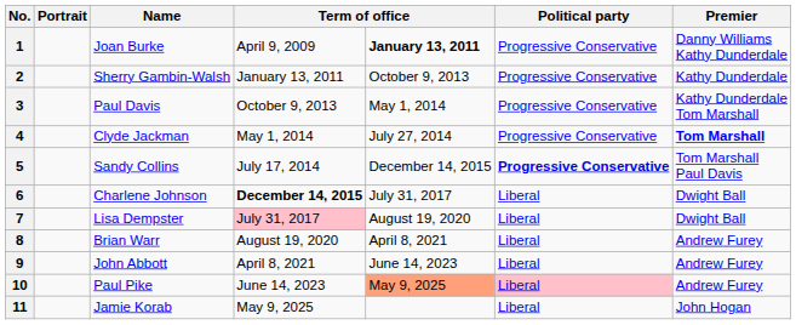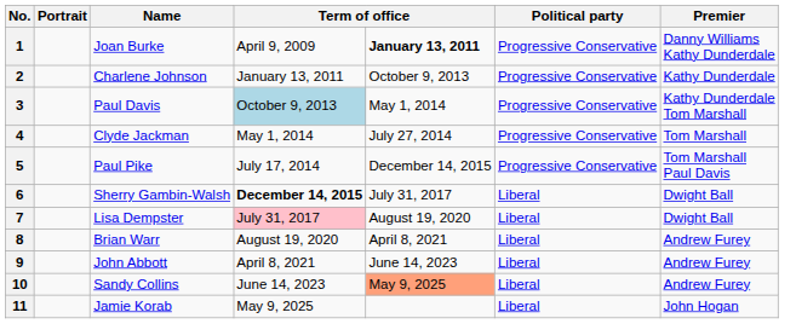 <table class="wikitable">
 <tr>
 <th>No.</th>
 <th>Portrait</th>
 <th>Name</th>
 <th colspan=2>Term of office</th>
 <th>Political party</th>
 <th>Premier</th>
 </tr>
 <tr>
 <th style="background:">1</th>
 <td></td>
 <td><a href='#'>Joan Burke</a></td>
 <td>April 9, 2009</td>
 <td><strong>January 13, 2011</strong></td>
 <td><a href='#'>Progressive Conservative</a></td>
 <td><a href='#'>Danny Williams</a><br><a href='#'>Kathy Dunderdale</a></td>
 </tr>
 <tr>
 <th style="background:">2</th>
 <td></td>
-<td><a href='#'>Sherry Gambin-Walsh</a></td>
+<td><a href='#'>Charlene Johnson</a></td>
 <td>January 13, 2011</td>
 <td>October 9, 2013</td>
 <td><a href='#'>Progressive Conservative</a></td>
 <td><a href='#'>Kathy Dunderdale</a></td>
 </tr>
 <tr>
 <th style="background:">3</th>
 <td></td>
 <td><a href='#'>Paul Davis</a></td>
-<td>October 9, 2013</td>
+<td style="background: lightblue;">October 9, 2013</td>
 <td>May 1, 2014</td>
 <td><a href='#'>Progressive Conservative</a></td>
 <td><a href='#'>Kathy Dunderdale</a><br><a href='#'>Tom Marshall</a></td>
 </tr>
 <tr>
 <th style="background:">4</th>
 <td></td>
 <td><a href='#'>Clyde Jackman</a></td>
 <td>May 1, 2014</td>
 <td>July 27, 2014</td>
 <td><a href='#'>Progressive Conservative</a></td>
-<td><strong><a href='#'>Tom Marshall</a></strong></td>
+<td><a href='#'>Tom Marshall</a></td>
 </tr>
 <tr>
 <th style="background:">5</th>
 <td></td>
-<td><a href='#'>Sandy Collins</a></td>
+<td><a href='#'>Paul Pike</a></td>
 <td>July 17, 2014</td>
 <td>December 14, 2015</td>
-<td><strong><a href='#'>Progressive Conservative</a></strong></td>
+<td><a href='#'>Progressive Conservative</a></td>
 <td><a href='#'>Tom Marshall</a><br><a href='#'>Paul Davis</a></td>
 </tr>
 <tr>
 <th style="background:">6</th>
 <td></td>
-<td><a href='#'>Charlene Johnson</a></td>
+<td><a href='#'>Sherry Gambin-Walsh</a></td>
 <td><strong>December 14, 2015</strong></td>
 <td>July 31, 2017</td>
 <td><a href='#'>Liberal</a></td>
 <td><a href='#'>Dwight Ball</a></td>
 </tr>
 <tr>
 <th style="background:">7</th>
 <td></td>
 <td><a href='#'>Lisa Dempster</a></td>
 <td style="background: pink;">July 31, 2017</td>
 <td>August 19, 2020</td>
 <td><a href='#'>Liberal</a></td>
 <td><a href='#'>Dwight Ball</a></td>
 </tr>
 <tr>
 <th style="background:">8</th>
 <td></td>
 <td><a href='#'>Brian Warr</a></td>
 <td>August 19, 2020</td>
 <td>April 8, 2021</td>
 <td><a href='#'>Liberal</a></td>
 <td><a href='#'>Andrew Furey</a></td>
 </tr>
 <tr>
 <th style="background:">9</th>
 <td></td>
 <td><a href='#'>John Abbott</a></td>
 <td>April 8, 2021</td>
 <td>June 14, 2023</td>
 <td><a href='#'>Liberal</a></td>
 <td><a href='#'>Andrew Furey</a></td>
 </tr>
 <tr>
 <th style="background:">10</th>
 <td></td>
-<td><a href='#'>Paul Pike</a></td>
+<td><a href='#'>Sandy Collins</a></td>
 <td>June 14, 2023</td>
 <td style="background: lightsalmon;">May 9, 2025</td>
-<td style="background: pink;"><a href='#'>Liberal</a></td>
+<td><a href='#'>Liberal</a></td>
 <td><a href='#'>Andrew Furey</a></td>
 </tr>
 <tr>
 <th style="background:">11</th>
 <td></td>
 <td><a href='#'>Jamie Korab</a></td>
 <td>May 9, 2025</td>
 <td></td>
 <td><a href='#'>Liberal</a></td>
 <td><a href='#'>John Hogan</a></td>
 </tr>
 </table>
